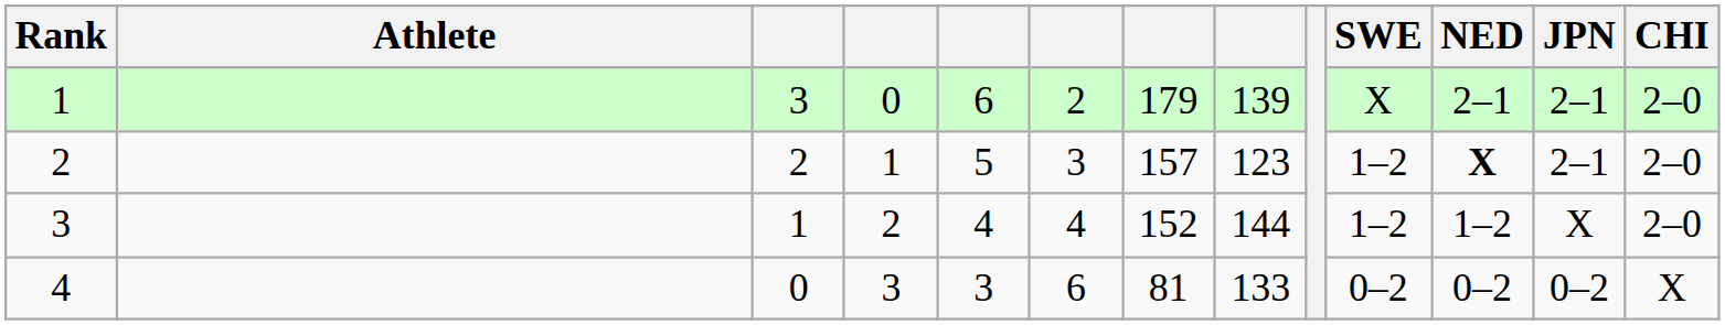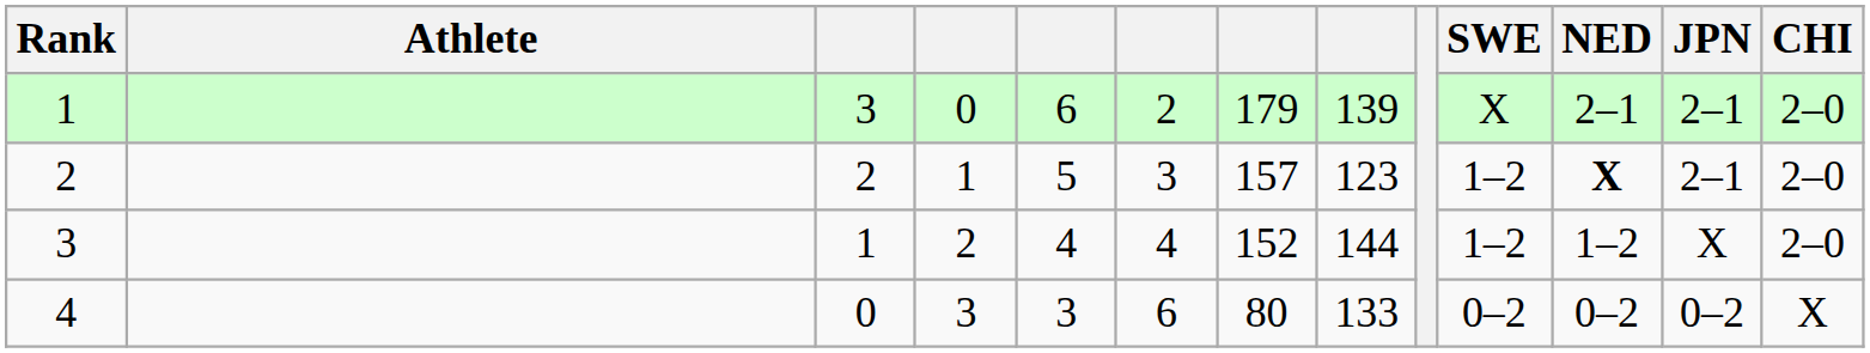 <table class="wikitable" style="text-align:center">
 <tr>
 <th>Rank</th>
 <th width=250>Athlete</th>
 <th width=30></th>
 <th width=30></th>
 <th width=30></th>
 <th width=30></th>
 <th width=30></th>
 <th width=30></th>
 <th rowspan=5></th>
 <th width=30>SWE</th>
 <th width=30>NED</th>
 <th width=30>JPN</th>
 <th width=30>CHI</th>
 </tr>
 <tr style="background-color:#ccffcc;">
 <td>1</td>
 <td align=left></td>
 <td>3</td>
 <td>0</td>
 <td>6</td>
 <td>2</td>
 <td>179</td>
 <td>139</td>
 <td>X</td>
 <td>2–1</td>
 <td>2–1</td>
 <td>2–0</td>
 </tr>
 <tr>
 <td>2</td>
 <td align=left></td>
 <td>2</td>
 <td>1</td>
 <td>5</td>
 <td>3</td>
 <td>157</td>
 <td>123</td>
 <td>1–2</td>
 <td><strong>X</strong></td>
 <td>2–1</td>
 <td>2–0</td>
 </tr>
 <tr>
 <td>3</td>
 <td align=left></td>
 <td>1</td>
 <td>2</td>
 <td>4</td>
 <td>4</td>
 <td>152</td>
 <td>144</td>
 <td>1–2</td>
 <td>1–2</td>
 <td>X</td>
 <td>2–0</td>
 </tr>
 <tr>
 <td>4</td>
 <td align=left></td>
 <td>0</td>
 <td>3</td>
 <td>3</td>
 <td>6</td>
-<td>81</td>
+<td>80</td>
 <td>133</td>
 <td>0–2</td>
 <td>0–2</td>
 <td>0–2</td>
 <td>X</td>
 </tr>
 </table>
